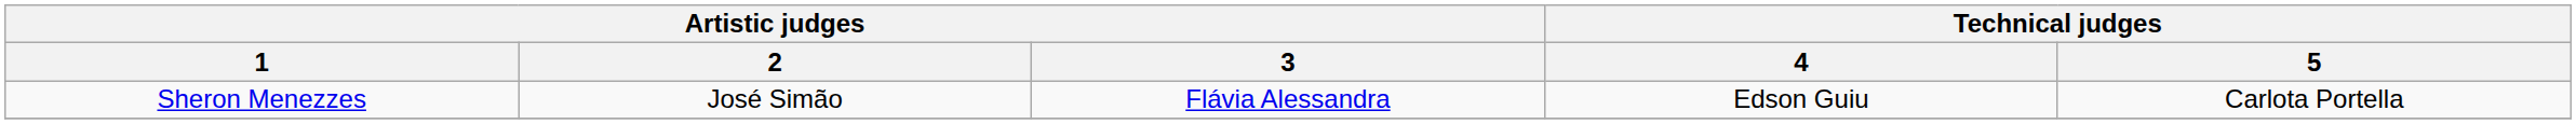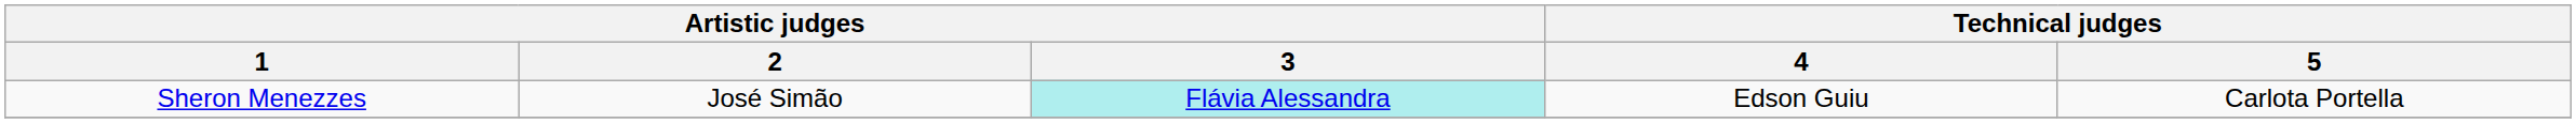 <table class="wikitable" style="font-size:100%; line-height:16px; text-align:center" width="100%">
 <tr>
 <th colspan=3>Artistic judges</th>
 <th colspan=2>Technical judges</th>
 </tr>
 <tr>
 <th width="20%">1</th>
 <th width="20%">2</th>
 <th width="20%">3</th>
 <th width="20%">4</th>
 <th width="20%">5</th>
 </tr>
 <tr>
 <td><a href='#'>Sheron Menezzes</a></td>
 <td>José Simão</td>
-<td><a href='#'>Flávia Alessandra</a></td>
+<td style="background: paleturquoise;"><a href='#'>Flávia Alessandra</a></td>
 <td>Edson Guiu</td>
 <td>Carlota Portella</td>
 </tr>
 <tr>
 </tr>
 </table>
